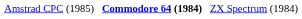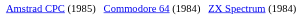 <table style="margin:0 auto;" class="toccolours" align=center cellpadding=5>
 <tr>
 <td></td>
 <td></td>
 <td></td>
 </tr>
 <tr>
 <td><a href='#'>Amstrad CPC</a> (1985)</td>
-<td><strong><a href='#'>Commodore 64</a> (1984)</strong></td>
+<td><a href='#'>Commodore 64</a> (1984)</td>
 <td><a href='#'>ZX Spectrum</a> (1984)</td>
 </tr>
 </table>
